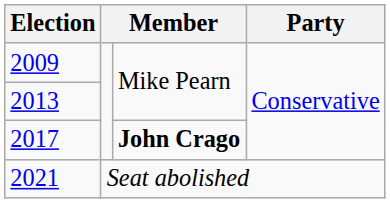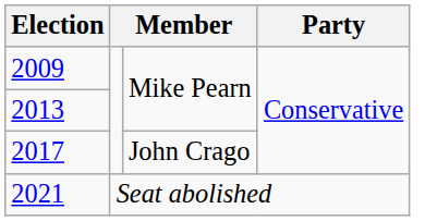 <table class="wikitable">
 <tr>
 <th>Election</th>
 <th colspan="2">Member</th>
 <th>Party</th>
 </tr>
 <tr>
 <td><a href='#'>2009</a></td>
 <td rowspan="3" style="background-color: "></td>
 <td rowspan="2">Mike Pearn</td>
 <td rowspan="3"><a href='#'>Conservative</a></td>
 </tr>
 <tr>
 <td><a href='#'>2013</a></td>
 </tr>
 <tr>
 <td><a href='#'>2017</a></td>
-<td rowspan="1"><strong>John Crago</strong></td>
+<td rowspan="1">John Crago</td>
 </tr>
 <tr>
 <td><a href='#'>2021</a></td>
 <td colspan="3"><em>Seat abolished</em></td>
 </tr>
 </table>
